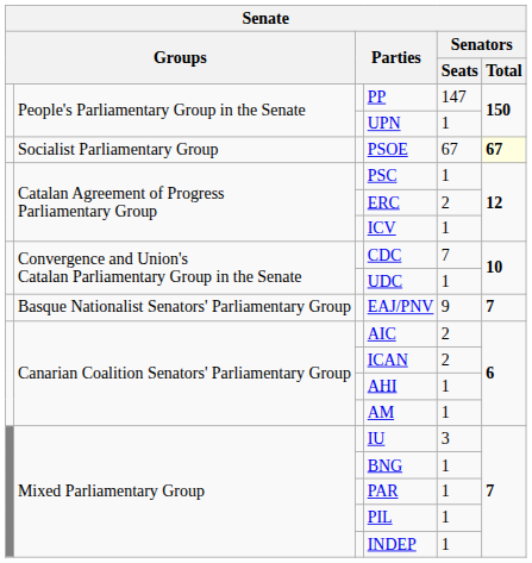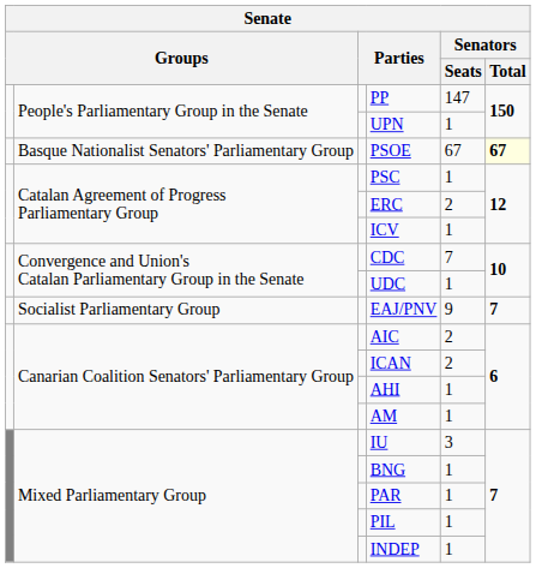 <table class="wikitable" style="text-align:left;">
 <tr>
 <th colspan="6">Senate</th>
 </tr>
 <tr>
 <th rowspan="2" colspan="2">Groups</th>
 <th rowspan="2" colspan="2">Parties</th>
 <th colspan="2">Senators</th>
 </tr>
 <tr>
 <th>Seats</th>
 <th>Total</th>
 </tr>
 <tr>
 <td width="1" rowspan="2"></td>
 <td rowspan="2">People's Parliamentary Group in the Senate</td>
 <td width="1" style="color:inherit;background:"></td>
 <td><a href='#'>PP</a></td>
 <td>147</td>
 <td rowspan="2"><strong>150</strong></td>
 </tr>
 <tr>
 <td style="color:inherit;background:"></td>
 <td><a href='#'>UPN</a></td>
 <td>1</td>
 </tr>
 <tr>
 <td style="color:inherit;background:"></td>
-<td>Socialist Parliamentary Group</td>
+<td>Basque Nationalist Senators' Parliamentary Group</td>
 <td style="color:inherit;background:"></td>
 <td><a href='#'>PSOE</a></td>
 <td>67</td>
 <td style="background: lightyellow;"><strong>67</strong></td>
 </tr>
 <tr>
 <td rowspan="3" style="color:inherit;background:"></td>
 <td rowspan="3">Catalan Agreement of Progress<br>Parliamentary Group</td>
 <td style="color:inherit;background:"></td>
 <td><a href='#'>PSC</a></td>
 <td>1</td>
 <td rowspan="3"><strong>12</strong></td>
 </tr>
 <tr>
 <td style="color:inherit;background:"></td>
 <td><a href='#'>ERC</a></td>
 <td>2</td>
 </tr>
 <tr>
 <td style="color:inherit;background:"></td>
 <td><a href='#'>ICV</a></td>
 <td>1</td>
 </tr>
 <tr>
 <td rowspan="2" style="color:inherit;background:"></td>
 <td rowspan="2">Convergence and Union's<br>Catalan Parliamentary Group in the Senate</td>
 <td style="color:inherit;background:"></td>
 <td><a href='#'>CDC</a></td>
 <td>7</td>
 <td rowspan="2"><strong>10</strong></td>
 </tr>
 <tr>
 <td style="color:inherit;background:"></td>
 <td><a href='#'>UDC</a></td>
 <td>1</td>
 </tr>
 <tr>
 <td style="color:inherit;background:"></td>
-<td>Basque Nationalist Senators' Parliamentary Group</td>
+<td>Socialist Parliamentary Group</td>
 <td style="color:inherit;background:"></td>
 <td><a href='#'>EAJ/PNV</a></td>
 <td>9</td>
 <td><strong>7</strong></td>
 </tr>
 <tr>
 <td rowspan="4" style="color:inherit;background:"></td>
 <td rowspan="4">Canarian Coalition Senators' Parliamentary Group</td>
 <td style="color:inherit;background:"></td>
 <td><a href='#'>AIC</a></td>
 <td>2</td>
 <td rowspan="4"><strong>6</strong></td>
 </tr>
 <tr>
 <td style="color:inherit;background:"></td>
 <td><a href='#'>ICAN</a></td>
 <td>2</td>
 </tr>
 <tr>
 <td style="color:inherit;background:"></td>
 <td><a href='#'>AHI</a></td>
 <td>1</td>
 </tr>
 <tr>
 <td style="color:inherit;background:"></td>
 <td><a href='#'>AM</a></td>
 <td>1</td>
 </tr>
 <tr>
 <td rowspan="5" bgcolor="gray"></td>
 <td rowspan="5">Mixed Parliamentary Group</td>
 <td style="color:inherit;background:"></td>
 <td><a href='#'>IU</a></td>
 <td>3</td>
 <td rowspan="5"><strong>7</strong></td>
 </tr>
 <tr>
 <td style="color:inherit;background:"></td>
 <td><a href='#'>BNG</a></td>
 <td>1</td>
 </tr>
 <tr>
 <td style="color:inherit;background:"></td>
 <td><a href='#'>PAR</a></td>
 <td>1</td>
 </tr>
 <tr>
 <td style="color:inherit;background:"></td>
 <td><a href='#'>PIL</a></td>
 <td>1</td>
 </tr>
 <tr>
 <td style="color:inherit;background:"></td>
 <td><a href='#'>INDEP</a></td>
 <td>1</td>
 </tr>
 </table>
